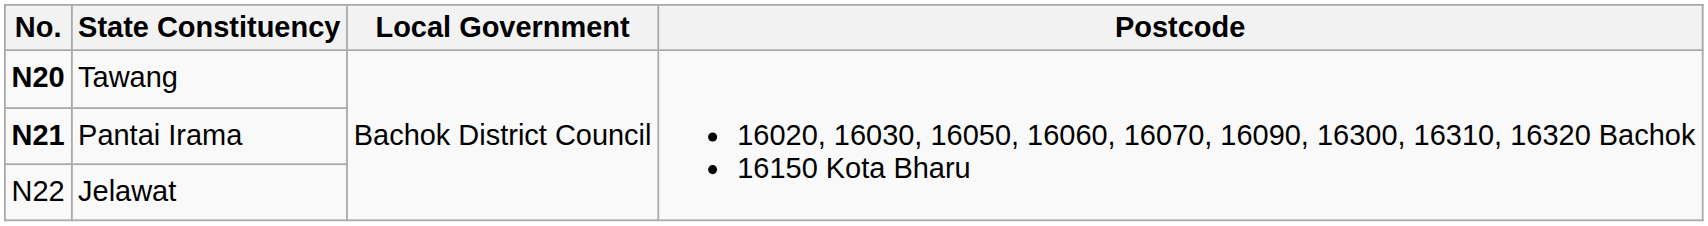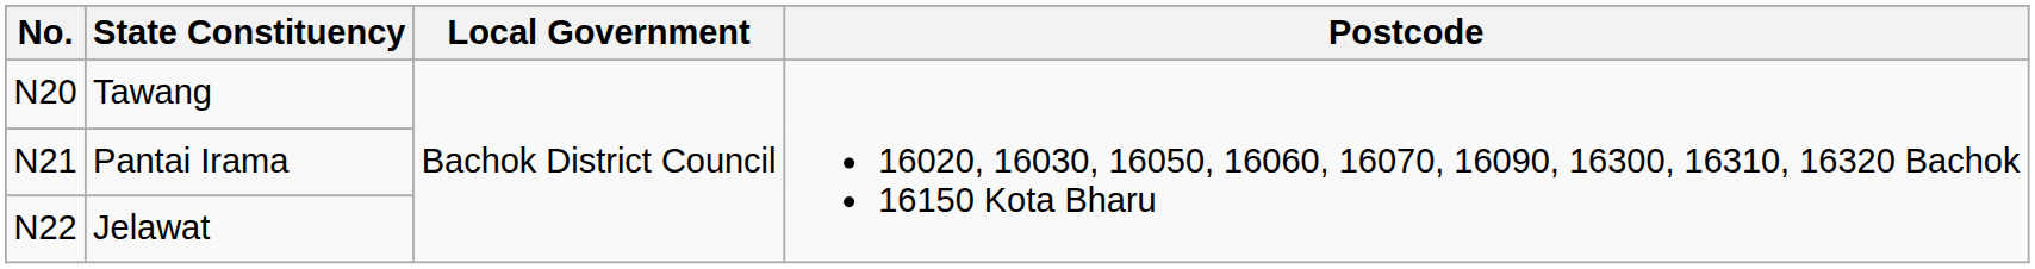 <table class="wikitable">
 <tr>
 <th>No.</th>
 <th>State Constituency</th>
 <th>Local Government</th>
 <th>Postcode</th>
 </tr>
 <tr>
-<td><strong>N20</strong></td>
+<td>N20</td>
 <td>Tawang</td>
 <td rowspan="3">Bachok District Council</td>
 <td rowspan="3"><br><ul><li>16020, 16030, 16050, 16060, 16070, 16090, 16300, 16310, 16320 Bachok</li><li>16150 Kota Bharu</li></ul></td>
 </tr>
 <tr>
-<td><strong>N21</strong></td>
+<td>N21</td>
 <td>Pantai Irama</td>
 </tr>
 <tr>
 <td>N22</td>
 <td>Jelawat</td>
 </tr>
 </table>
